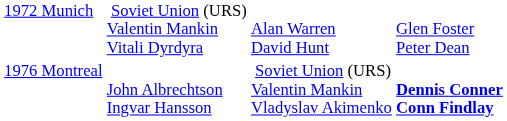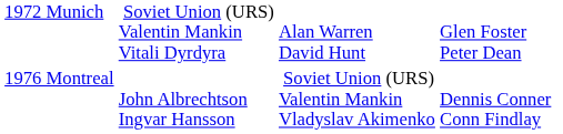 <table>
 <tr valign="top">
 <td><a href='#'> 1972 Munich</a> <br></td>
 <td style="vertical-align:top;"> <a href='#'>Soviet Union</a> <span>(URS)</span><br><a href='#'>Valentin Mankin</a><br><a href='#'>Vitali Dyrdyra</a></td>
 <td><br><a href='#'>Alan Warren</a><br><a href='#'>David Hunt</a></td>
 <td><br><a href='#'>Glen Foster</a><br><a href='#'>Peter Dean</a></td>
 </tr>
 <tr valign="top">
 <td><a href='#'> 1976 Montreal</a> <br></td>
 <td><br><a href='#'>John Albrechtson</a><br><a href='#'>Ingvar Hansson</a></td>
 <td style="vertical-align:top;"> <a href='#'>Soviet Union</a> <span>(URS)</span><br><a href='#'>Valentin Mankin</a><br><a href='#'>Vladyslav Akimenko</a></td>
-<td><strong><br><a href='#'>Dennis Conner</a><br><a href='#'>Conn Findlay</a></strong></td>
+<td><br><a href='#'>Dennis Conner</a><br><a href='#'>Conn Findlay</a></td>
 </tr>
 </table>
